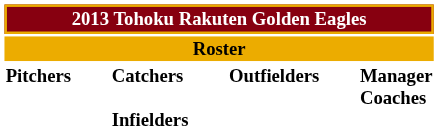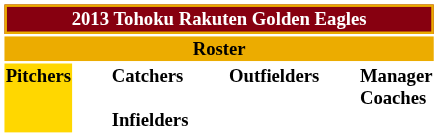 <table class="toccolours" style="font-size: 95%;">
 <tr>
 <th colspan="10" style="background:#870010; color:#FFFFFF; text-align:center; border:2px solid #ecac00">2013 Tohoku Rakuten Golden Eagles</th>
 </tr>
 <tr>
 <td colspan="10" style="background:#ecac00; color:#000000; text-align:center;"><strong>Roster</strong></td>
 </tr>
 <tr>
-<td valign="top"><strong>Pitchers</strong><br>                         </td>
+<td valign="top" style="background: gold;"><strong>Pitchers</strong><br>                         </td>
 <td style="width:25px;"></td>
 <td valign="top"><strong>Catchers</strong><br>   <br><strong>Infielders</strong>             </td>
 <td style="width:25px;"></td>
 <td valign="top"><strong>Outfielders</strong><br>       </td>
 <td style="width:25px;"></td>
 <td valign="top"><strong>Manager</strong><br> <strong>Coaches</strong>        </td>
 </tr>
 <tr>
 <td colspan="10" style="text-align: right;"></td>
 </tr>
 </table>
